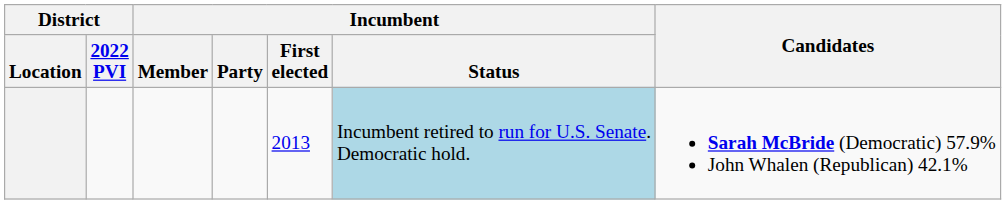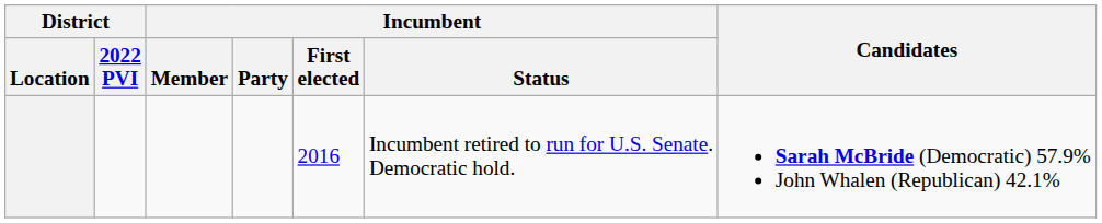 <table class="wikitable sortable">
 <tr>
 <th colspan=2>District</th>
 <th colspan=4>Incumbent</th>
 <th rowspan=2 class="unsortable">Candidates</th>
 </tr>
 <tr valign=bottom>
 <th>Location</th>
 <th><a href='#'>2022<br>PVI</a></th>
 <th>Member</th>
 <th>Party</th>
 <th>First<br>elected</th>
 <th>Status</th>
 </tr>
 <tr>
 <th></th>
 <td></td>
 <td></td>
 <td></td>
-<td><a href='#'>2013</a></td>
-<td style="background: lightblue;">Incumbent retired to <a href='#'>run for U.S. Senate</a>.<br>Democratic hold.</td>
+<td><a href='#'>2016</a></td>
+<td>Incumbent retired to <a href='#'>run for U.S. Senate</a>.<br>Democratic hold.</td>
 <td nowrap><br><ul><li> <strong><a href='#'>Sarah McBride</a></strong> (Democratic) 57.9%</li><li>John Whalen (Republican) 42.1%</li></ul></td>
 </tr>
 </table>
